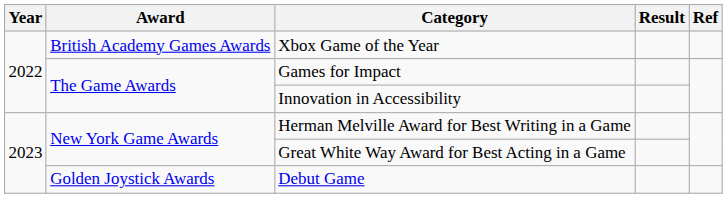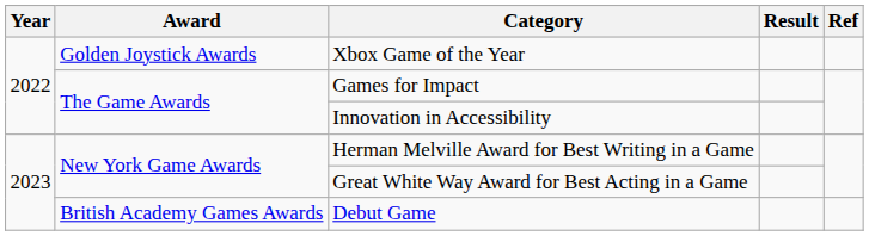 <table class="wikitable sortable">
 <tr>
 <th>Year</th>
 <th>Award</th>
 <th>Category</th>
 <th>Result</th>
 <th>Ref</th>
 </tr>
 <tr>
 <td rowspan="3" style="text-align:center;">2022</td>
-<td><a href='#'>British Academy Games Awards</a></td>
+<td><a href='#'>Golden Joystick Awards</a></td>
 <td>Xbox Game of the Year</td>
 <td></td>
 <td style="text-align:center;"></td>
 </tr>
 <tr>
 <td rowspan="2"><a href='#'>The Game Awards</a></td>
 <td>Games for Impact</td>
 <td></td>
 <td rowspan="2" style="text-align:center;"></td>
 </tr>
 <tr>
 <td>Innovation in Accessibility</td>
 <td></td>
 </tr>
 <tr>
 <td rowspan="3" style="text-align:center;">2023</td>
 <td rowspan="2"><a href='#'>New York Game Awards</a></td>
 <td>Herman Melville Award for Best Writing in a Game</td>
 <td></td>
 <td rowspan="2" style="text-align:center;"></td>
 </tr>
 <tr>
 <td>Great White Way Award for Best Acting in a Game </td>
 <td></td>
 </tr>
 <tr>
-<td><a href='#'>Golden Joystick Awards</a></td>
+<td><a href='#'>British Academy Games Awards</a></td>
 <td><a href='#'>Debut Game</a></td>
 <td></td>
 <td style="text-alightn:center;"></td>
 </tr>
 </table>
